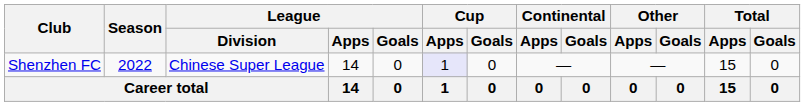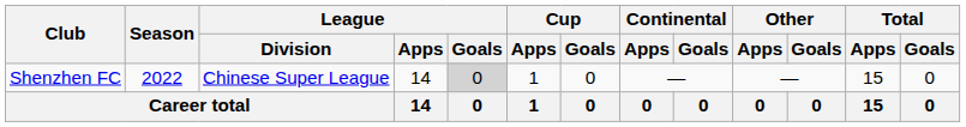 <table class="wikitable" style="text-align:center">
 <tr>
 <th rowspan="2">Club</th>
 <th rowspan="2">Season</th>
 <th colspan="3">League</th>
 <th colspan="2">Cup</th>
 <th colspan="2">Continental</th>
 <th colspan="2">Other</th>
 <th colspan="2">Total</th>
 </tr>
 <tr>
 <th>Division</th>
 <th>Apps</th>
 <th>Goals</th>
 <th>Apps</th>
 <th>Goals</th>
 <th>Apps</th>
 <th>Goals</th>
 <th>Apps</th>
 <th>Goals</th>
 <th>Apps</th>
 <th>Goals</th>
 </tr>
 <tr>
 <td><a href='#'>Shenzhen FC</a></td>
 <td><a href='#'>2022</a></td>
 <td><a href='#'>Chinese Super League</a></td>
 <td>14</td>
-<td>0</td>
-<td style="background: lavender;">1</td>
+<td style="background: lightgrey;">0</td>
+<td>1</td>
 <td>0</td>
 <td colspan="2">—</td>
 <td colspan="2">—</td>
 <td>15</td>
 <td>0</td>
 </tr>
 <tr>
 <th colspan="3">Career total</th>
 <th>14</th>
 <th>0</th>
 <th>1</th>
 <th>0</th>
 <th>0</th>
 <th>0</th>
 <th>0</th>
 <th>0</th>
 <th>15</th>
 <th>0</th>
 </tr>
 </table>
